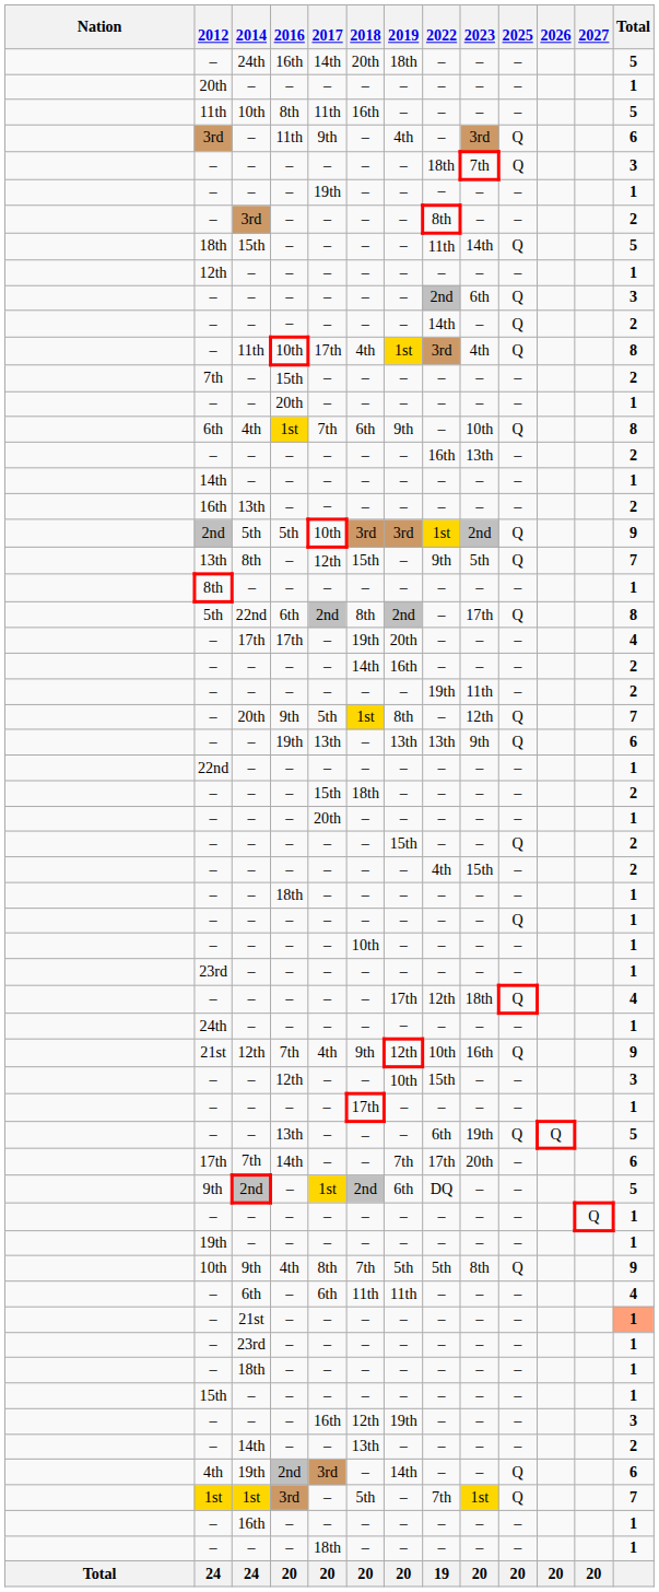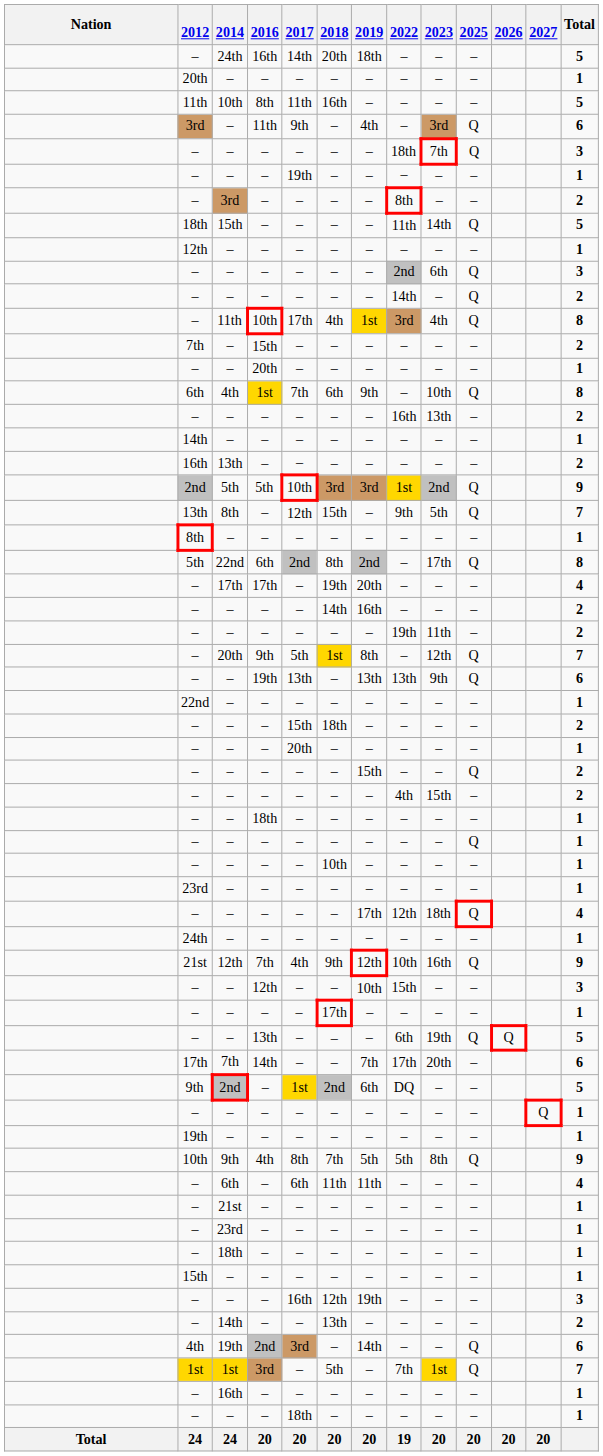 <table class="wikitable" style="text-align:center; font-size:90%;">
 <tr>
 <th width=170>Nation</th>
 <th><br><a href='#'>2012</a></th>
 <th><br><a href='#'>2014</a></th>
 <th><br><a href='#'>2016</a></th>
 <th><br><a href='#'>2017</a></th>
 <th><br><a href='#'>2018</a></th>
 <th><br><a href='#'>2019</a></th>
 <th><br><a href='#'>2022</a></th>
 <th><br><a href='#'>2023</a></th>
 <th><br><a href='#'>2025</a></th>
 <th><br><a href='#'>2026</a></th>
 <th><br><a href='#'>2027</a></th>
 <th>Total</th>
 </tr>
 <tr>
 <td align=left></td>
 <td>–</td>
 <td>24th</td>
 <td>16th</td>
 <td>14th</td>
 <td>20th</td>
 <td>18th</td>
 <td>–</td>
 <td>–</td>
 <td>–</td>
 <td></td>
 <td></td>
 <td><strong>5</strong></td>
 </tr>
 <tr>
 <td align=left></td>
 <td>20th</td>
 <td>–</td>
 <td>–</td>
 <td>–</td>
 <td>–</td>
 <td>–</td>
 <td>–</td>
 <td>–</td>
 <td>–</td>
 <td></td>
 <td></td>
 <td><strong>1</strong></td>
 </tr>
 <tr>
 <td align=left></td>
 <td>11th</td>
 <td>10th</td>
 <td>8th</td>
 <td>11th</td>
 <td>16th</td>
 <td>–</td>
 <td>–</td>
 <td>–</td>
 <td>–</td>
 <td></td>
 <td></td>
 <td><strong>5</strong></td>
 </tr>
 <tr>
 <td align=left></td>
 <td bgcolor=#cc9966>3rd</td>
 <td>–</td>
 <td>11th</td>
 <td>9th</td>
 <td>–</td>
 <td>4th</td>
 <td>–</td>
 <td bgcolor=#cc9966>3rd</td>
 <td>Q</td>
 <td></td>
 <td></td>
 <td><strong>6</strong></td>
 </tr>
 <tr>
 <td align=left></td>
 <td>–</td>
 <td>–</td>
 <td>–</td>
 <td>–</td>
 <td>–</td>
 <td>–</td>
 <td>18th</td>
 <td style="border: 3px solid red">7th</td>
 <td>Q</td>
 <td></td>
 <td></td>
 <td><strong>3</strong></td>
 </tr>
 <tr>
 <td align=left></td>
 <td>–</td>
 <td>–</td>
 <td>–</td>
 <td>19th</td>
 <td>–</td>
 <td>–</td>
 <td>–</td>
 <td>–</td>
 <td>–</td>
 <td></td>
 <td></td>
 <td><strong>1</strong></td>
 </tr>
 <tr>
 <td align=left></td>
 <td>–</td>
 <td bgcolor=#cc9966>3rd</td>
 <td>–</td>
 <td>–</td>
 <td>–</td>
 <td>–</td>
 <td style="border: 3px solid red">8th</td>
 <td>–</td>
 <td>–</td>
 <td></td>
 <td></td>
 <td><strong>2</strong></td>
 </tr>
 <tr>
 <td align=left></td>
 <td>18th</td>
 <td>15th</td>
 <td>–</td>
 <td>–</td>
 <td>–</td>
 <td>–</td>
 <td>11th</td>
 <td>14th</td>
 <td>Q</td>
 <td></td>
 <td></td>
 <td><strong>5</strong></td>
 </tr>
 <tr>
 <td align=left></td>
 <td>12th</td>
 <td>–</td>
 <td>–</td>
 <td>–</td>
 <td>–</td>
 <td>–</td>
 <td>–</td>
 <td>–</td>
 <td>–</td>
 <td></td>
 <td></td>
 <td><strong>1</strong></td>
 </tr>
 <tr>
 <td align=left></td>
 <td>–</td>
 <td>–</td>
 <td>–</td>
 <td>–</td>
 <td>–</td>
 <td>–</td>
 <td bgcolor=silver>2nd</td>
 <td>6th</td>
 <td>Q</td>
 <td></td>
 <td></td>
 <td><strong>3</strong></td>
 </tr>
 <tr>
 <td align=left></td>
 <td>–</td>
 <td>–</td>
 <td>–</td>
 <td>–</td>
 <td>–</td>
 <td>–</td>
 <td>14th</td>
 <td>–</td>
 <td>Q</td>
 <td></td>
 <td></td>
 <td><strong>2</strong></td>
 </tr>
 <tr>
 <td align=left></td>
 <td>–</td>
 <td>11th</td>
 <td style="border: 3px solid red">10th</td>
 <td>17th</td>
 <td>4th</td>
 <td bgcolor=gold>1st</td>
 <td bgcolor=#cc9966>3rd</td>
 <td>4th</td>
 <td>Q</td>
 <td></td>
 <td></td>
 <td><strong>8</strong></td>
 </tr>
 <tr>
 <td align=left></td>
 <td>7th</td>
 <td>–</td>
 <td>15th</td>
 <td>–</td>
 <td>–</td>
 <td>–</td>
 <td>–</td>
 <td>–</td>
 <td>–</td>
 <td></td>
 <td></td>
 <td><strong>2</strong></td>
 </tr>
 <tr>
 <td align=left></td>
 <td>–</td>
 <td>–</td>
 <td>20th</td>
 <td>–</td>
 <td>–</td>
 <td>–</td>
 <td>–</td>
 <td>–</td>
 <td>–</td>
 <td></td>
 <td></td>
 <td><strong>1</strong></td>
 </tr>
 <tr>
 <td align=left></td>
 <td>6th</td>
 <td>4th</td>
 <td bgcolor=gold>1st</td>
 <td>7th</td>
 <td>6th</td>
 <td>9th</td>
 <td>–</td>
 <td>10th</td>
 <td>Q</td>
 <td></td>
 <td></td>
 <td><strong>8</strong></td>
 </tr>
 <tr>
 <td align=left></td>
 <td>–</td>
 <td>–</td>
 <td>–</td>
 <td>–</td>
 <td>–</td>
 <td>–</td>
 <td>16th</td>
 <td>13th</td>
 <td>–</td>
 <td></td>
 <td></td>
 <td><strong>2</strong></td>
 </tr>
 <tr>
 <td align=left></td>
 <td>14th</td>
 <td>–</td>
 <td>–</td>
 <td>–</td>
 <td>–</td>
 <td>–</td>
 <td>–</td>
 <td>–</td>
 <td>–</td>
 <td></td>
 <td></td>
 <td><strong>1</strong></td>
 </tr>
 <tr>
 <td align=left></td>
 <td>16th</td>
 <td>13th</td>
 <td>–</td>
 <td>–</td>
 <td>–</td>
 <td>–</td>
 <td>–</td>
 <td>–</td>
 <td>–</td>
 <td></td>
 <td></td>
 <td><strong>2</strong></td>
 </tr>
 <tr>
 <td align=left></td>
 <td bgcolor=silver>2nd</td>
 <td>5th</td>
 <td>5th</td>
 <td style="border: 3px solid red">10th</td>
 <td bgcolor=#cc9966>3rd</td>
 <td bgcolor=#cc9966>3rd</td>
 <td bgcolor=gold>1st</td>
 <td bgcolor=silver>2nd</td>
 <td>Q</td>
 <td></td>
 <td></td>
 <td><strong>9</strong></td>
 </tr>
 <tr>
 <td align=left></td>
 <td>13th</td>
 <td>8th</td>
 <td>–</td>
 <td>12th</td>
 <td>15th</td>
 <td>–</td>
 <td>9th</td>
 <td>5th</td>
 <td>Q</td>
 <td></td>
 <td></td>
 <td><strong>7</strong></td>
 </tr>
 <tr>
 <td align=left></td>
 <td style="border: 3px solid red">8th</td>
 <td>–</td>
 <td>–</td>
 <td>–</td>
 <td>–</td>
 <td>–</td>
 <td>–</td>
 <td>–</td>
 <td>–</td>
 <td></td>
 <td></td>
 <td><strong>1</strong></td>
 </tr>
 <tr>
 <td align=left></td>
 <td>5th</td>
 <td>22nd</td>
 <td>6th</td>
 <td bgcolor=silver>2nd</td>
 <td>8th</td>
 <td bgcolor=silver>2nd</td>
 <td>–</td>
 <td>17th</td>
 <td>Q</td>
 <td></td>
 <td></td>
 <td><strong>8</strong></td>
 </tr>
 <tr>
 <td align=left></td>
 <td>–</td>
 <td>17th</td>
 <td>17th</td>
 <td>–</td>
 <td>19th</td>
 <td>20th</td>
 <td>–</td>
 <td>–</td>
 <td>–</td>
 <td></td>
 <td></td>
 <td><strong>4</strong></td>
 </tr>
 <tr>
 <td align=left></td>
 <td>–</td>
 <td>–</td>
 <td>–</td>
 <td>–</td>
 <td>14th</td>
 <td>16th</td>
 <td>–</td>
 <td>–</td>
 <td>–</td>
 <td></td>
 <td></td>
 <td><strong>2</strong></td>
 </tr>
 <tr>
 <td align=left></td>
 <td>–</td>
 <td>–</td>
 <td>–</td>
 <td>–</td>
 <td>–</td>
 <td>–</td>
 <td>19th</td>
 <td>11th</td>
 <td>–</td>
 <td></td>
 <td></td>
 <td><strong>2</strong></td>
 </tr>
 <tr>
 <td align=left></td>
 <td>–</td>
 <td>20th</td>
 <td>9th</td>
 <td>5th</td>
 <td bgcolor=gold>1st</td>
 <td>8th</td>
 <td>–</td>
 <td>12th</td>
 <td>Q</td>
 <td></td>
 <td></td>
 <td><strong>7</strong></td>
 </tr>
 <tr>
 <td align=left></td>
 <td>–</td>
 <td>–</td>
 <td>19th</td>
 <td>13th</td>
 <td>–</td>
 <td>13th</td>
 <td>13th</td>
 <td>9th</td>
 <td>Q</td>
 <td></td>
 <td></td>
 <td><strong>6</strong></td>
 </tr>
 <tr>
 <td align=left></td>
 <td>22nd</td>
 <td>–</td>
 <td>–</td>
 <td>–</td>
 <td>–</td>
 <td>–</td>
 <td>–</td>
 <td>–</td>
 <td>–</td>
 <td></td>
 <td></td>
 <td><strong>1</strong></td>
 </tr>
 <tr>
 <td align=left></td>
 <td>–</td>
 <td>–</td>
 <td>–</td>
 <td>15th</td>
 <td>18th</td>
 <td>–</td>
 <td>–</td>
 <td>–</td>
 <td>–</td>
 <td></td>
 <td></td>
 <td><strong>2</strong></td>
 </tr>
 <tr>
 <td align=left></td>
 <td>–</td>
 <td>–</td>
 <td>–</td>
 <td>20th</td>
 <td>–</td>
 <td>–</td>
 <td>–</td>
 <td>–</td>
 <td>–</td>
 <td></td>
 <td></td>
 <td><strong>1</strong></td>
 </tr>
 <tr>
 <td align=left></td>
 <td>–</td>
 <td>–</td>
 <td>–</td>
 <td>–</td>
 <td>–</td>
 <td>15th</td>
 <td>–</td>
 <td>–</td>
 <td>Q</td>
 <td></td>
 <td></td>
 <td><strong>2</strong></td>
 </tr>
 <tr>
 <td align=left></td>
 <td>–</td>
 <td>–</td>
 <td>–</td>
 <td>–</td>
 <td>–</td>
 <td>–</td>
 <td>4th</td>
 <td>15th</td>
 <td>–</td>
 <td></td>
 <td></td>
 <td><strong>2</strong></td>
 </tr>
 <tr>
 <td align=left></td>
 <td>–</td>
 <td>–</td>
 <td>18th</td>
 <td>–</td>
 <td>–</td>
 <td>–</td>
 <td>–</td>
 <td>–</td>
 <td>–</td>
 <td></td>
 <td></td>
 <td><strong>1</strong></td>
 </tr>
 <tr>
 <td align=left></td>
 <td>–</td>
 <td>–</td>
 <td>–</td>
 <td>–</td>
 <td>–</td>
 <td>–</td>
 <td>–</td>
 <td>–</td>
 <td>Q</td>
 <td></td>
 <td></td>
 <td><strong>1</strong></td>
 </tr>
 <tr>
 <td align=left></td>
 <td>–</td>
 <td>–</td>
 <td>–</td>
 <td>–</td>
 <td>10th</td>
 <td>–</td>
 <td>–</td>
 <td>–</td>
 <td>–</td>
 <td></td>
 <td></td>
 <td><strong>1</strong></td>
 </tr>
 <tr>
 <td align=left></td>
 <td>23rd</td>
 <td>–</td>
 <td>–</td>
 <td>–</td>
 <td>–</td>
 <td>–</td>
 <td>–</td>
 <td>–</td>
 <td>–</td>
 <td></td>
 <td></td>
 <td><strong>1</strong></td>
 </tr>
 <tr>
 <td align=left></td>
 <td>–</td>
 <td>–</td>
 <td>–</td>
 <td>–</td>
 <td>–</td>
 <td>17th</td>
 <td>12th</td>
 <td>18th</td>
 <td style="border: 3px solid red">Q</td>
 <td></td>
 <td></td>
 <td><strong>4</strong></td>
 </tr>
 <tr>
 <td align=left></td>
 <td>24th</td>
 <td>–</td>
 <td>–</td>
 <td>–</td>
 <td>–</td>
 <td>–</td>
 <td>–</td>
 <td>–</td>
 <td>–</td>
 <td></td>
 <td></td>
 <td><strong>1</strong></td>
 </tr>
 <tr>
 <td align=left></td>
 <td>21st</td>
 <td>12th</td>
 <td>7th</td>
 <td>4th</td>
 <td>9th</td>
 <td style="border: 3px solid red">12th</td>
 <td>10th</td>
 <td>16th</td>
 <td>Q</td>
 <td></td>
 <td></td>
 <td><strong>9</strong></td>
 </tr>
 <tr>
 <td align=left></td>
 <td>–</td>
 <td>–</td>
 <td>12th</td>
 <td>–</td>
 <td>–</td>
 <td>10th</td>
 <td>15th</td>
 <td>–</td>
 <td>–</td>
 <td></td>
 <td></td>
 <td><strong>3</strong></td>
 </tr>
 <tr>
 <td align=left></td>
 <td>–</td>
 <td>–</td>
 <td>–</td>
 <td>–</td>
 <td style="border: 3px solid red">17th</td>
 <td>–</td>
 <td>–</td>
 <td>–</td>
 <td>–</td>
 <td></td>
 <td></td>
 <td><strong>1</strong></td>
 </tr>
 <tr>
 <td align=left></td>
 <td>–</td>
 <td>–</td>
 <td>13th</td>
 <td>–</td>
 <td>–</td>
 <td>–</td>
 <td>6th</td>
 <td>19th</td>
 <td>Q</td>
 <td style="border: 3px solid red">Q</td>
 <td></td>
 <td><strong>5</strong></td>
 </tr>
 <tr>
 <td align=left></td>
 <td>17th</td>
 <td>7th</td>
 <td>14th</td>
 <td>–</td>
 <td>–</td>
 <td>7th</td>
 <td>17th</td>
 <td>20th</td>
 <td>–</td>
 <td></td>
 <td></td>
 <td><strong>6</strong></td>
 </tr>
 <tr>
 <td align=left></td>
 <td>9th</td>
 <td style="border: 3px solid red" bgcolor=silver>2nd</td>
 <td>–</td>
 <td bgcolor=gold>1st</td>
 <td bgcolor=silver>2nd</td>
 <td>6th</td>
 <td>DQ</td>
 <td>–</td>
 <td>–</td>
 <td></td>
 <td></td>
 <td><strong>5</strong></td>
 </tr>
 <tr>
 <td align=left></td>
 <td>–</td>
 <td>–</td>
 <td>–</td>
 <td>–</td>
 <td>–</td>
 <td>–</td>
 <td>–</td>
 <td>–</td>
 <td>–</td>
 <td></td>
 <td style="border: 3px solid red">Q</td>
 <td><strong>1</strong></td>
 </tr>
 <tr>
 <td align=left></td>
 <td>19th</td>
 <td>–</td>
 <td>–</td>
 <td>–</td>
 <td>–</td>
 <td>–</td>
 <td>–</td>
 <td>–</td>
 <td>–</td>
 <td></td>
 <td></td>
 <td><strong>1</strong></td>
 </tr>
 <tr>
 <td align=left></td>
 <td>10th</td>
 <td>9th</td>
 <td>4th</td>
 <td>8th</td>
 <td>7th</td>
 <td>5th</td>
 <td>5th</td>
 <td>8th</td>
 <td>Q</td>
 <td></td>
 <td></td>
 <td><strong>9</strong></td>
 </tr>
 <tr>
 <td align=left></td>
 <td>–</td>
 <td>6th</td>
 <td>–</td>
 <td>6th</td>
 <td>11th</td>
 <td>11th</td>
 <td>–</td>
 <td>–</td>
 <td>–</td>
 <td></td>
 <td></td>
 <td><strong>4</strong></td>
 </tr>
 <tr>
 <td align=left></td>
 <td>–</td>
 <td>21st</td>
 <td>–</td>
 <td>–</td>
 <td>–</td>
 <td>–</td>
 <td>–</td>
 <td>–</td>
 <td>–</td>
 <td></td>
 <td></td>
-<td style="background: lightsalmon;"><strong>1</strong></td>
+<td><strong>1</strong></td>
 </tr>
 <tr>
 <td align=left></td>
 <td>–</td>
 <td>23rd</td>
 <td>–</td>
 <td>–</td>
 <td>–</td>
 <td>–</td>
 <td>–</td>
 <td>–</td>
 <td>–</td>
 <td></td>
 <td></td>
 <td><strong>1</strong></td>
 </tr>
 <tr>
 <td align=left></td>
 <td>–</td>
 <td>18th</td>
 <td>–</td>
 <td>–</td>
 <td>–</td>
 <td>–</td>
 <td>–</td>
 <td>–</td>
 <td>–</td>
 <td></td>
 <td></td>
 <td><strong>1</strong></td>
 </tr>
 <tr>
 <td align=left></td>
 <td>15th</td>
 <td>–</td>
 <td>–</td>
 <td>–</td>
 <td>–</td>
 <td>–</td>
 <td>–</td>
 <td>–</td>
 <td>–</td>
 <td></td>
 <td></td>
 <td><strong>1</strong></td>
 </tr>
 <tr>
 <td align=left></td>
 <td>–</td>
 <td>–</td>
 <td>–</td>
 <td>16th</td>
 <td>12th</td>
 <td>19th</td>
 <td>–</td>
 <td>–</td>
 <td>–</td>
 <td></td>
 <td></td>
 <td><strong>3</strong></td>
 </tr>
 <tr>
 <td align=left></td>
 <td>–</td>
 <td>14th</td>
 <td>–</td>
 <td>–</td>
 <td>13th</td>
 <td>–</td>
 <td>–</td>
 <td>–</td>
 <td>–</td>
 <td></td>
 <td></td>
 <td><strong>2</strong></td>
 </tr>
 <tr>
 <td align=left></td>
 <td>4th</td>
 <td>19th</td>
 <td bgcolor=silver>2nd</td>
 <td bgcolor=cc9966>3rd</td>
 <td>–</td>
 <td>14th</td>
 <td>–</td>
 <td>–</td>
 <td>Q</td>
 <td></td>
 <td></td>
 <td><strong>6</strong></td>
 </tr>
 <tr>
 <td align=left></td>
 <td bgcolor=gold>1st</td>
 <td bgcolor=gold>1st</td>
 <td bgcolor=#cc9966>3rd</td>
 <td>–</td>
 <td>5th</td>
 <td>–</td>
 <td>7th</td>
 <td bgcolor=gold>1st</td>
 <td>Q</td>
 <td></td>
 <td></td>
 <td><strong>7</strong></td>
 </tr>
 <tr>
 <td align=left></td>
 <td>–</td>
 <td>16th</td>
 <td>–</td>
 <td>–</td>
 <td>–</td>
 <td>–</td>
 <td>–</td>
 <td>–</td>
 <td>–</td>
 <td></td>
 <td></td>
 <td><strong>1</strong></td>
 </tr>
 <tr>
 <td align=left></td>
 <td>–</td>
 <td>–</td>
 <td>–</td>
 <td>18th</td>
 <td>–</td>
 <td>–</td>
 <td>–</td>
 <td>–</td>
 <td>–</td>
 <td></td>
 <td></td>
 <td><strong>1</strong></td>
 </tr>
 <tr>
 <th>Total</th>
 <th>24</th>
 <th>24</th>
 <th>20</th>
 <th>20</th>
 <th>20</th>
 <th>20</th>
 <th>19</th>
 <th>20</th>
 <th>20</th>
 <th>20</th>
 <th>20</th>
 <th></th>
 </tr>
 </table>
